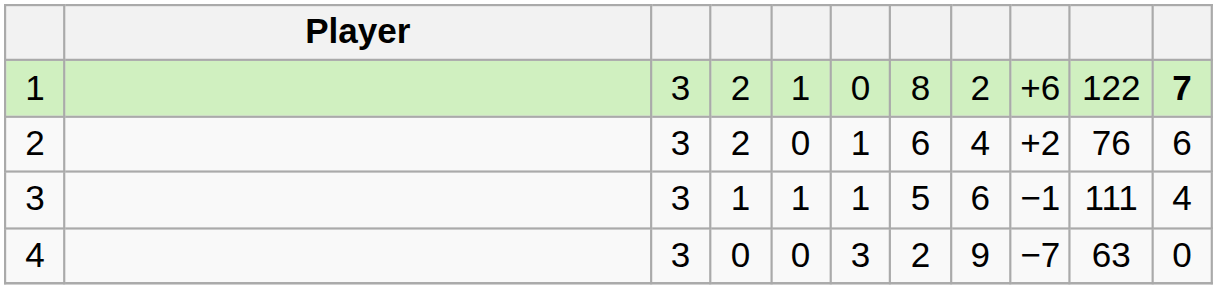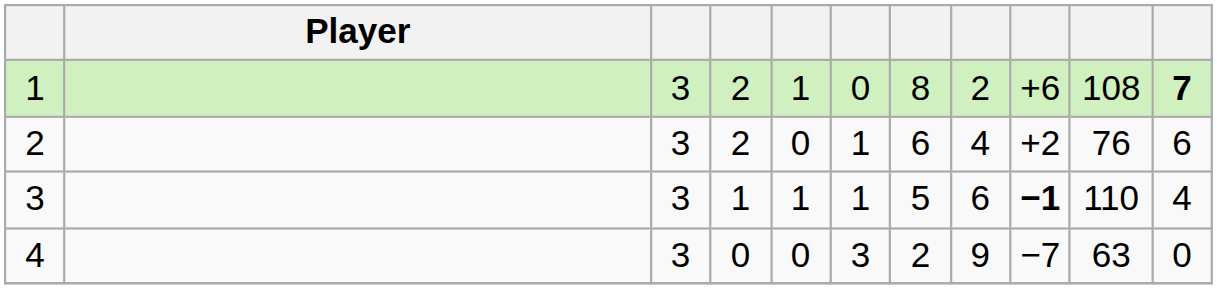 <table class="wikitable" style="text-align:center;">
 <tr>
 <th width=20></th>
 <th width=260>Player</th>
 <th width=20></th>
 <th width=20></th>
 <th width=20></th>
 <th width=20></th>
 <th width=20></th>
 <th width=20></th>
 <th width=20></th>
 <th width=30></th>
 <th width=20></th>
 </tr>
 <tr style="background:#D0F0C0;">
 <td>1</td>
 <td align=left> <small></small></td>
 <td>3</td>
 <td>2</td>
 <td>1</td>
 <td>0</td>
 <td>8</td>
 <td>2</td>
 <td>+6</td>
-<td>122</td>
+<td>108</td>
 <td><strong>7</strong></td>
 </tr>
 <tr>
 <td>2</td>
 <td align=left> <small></small></td>
 <td>3</td>
 <td>2</td>
 <td>0</td>
 <td>1</td>
 <td>6</td>
 <td>4</td>
 <td>+2</td>
 <td>76</td>
 <td>6</td>
 </tr>
 <tr>
 <td>3</td>
 <td align=left> <small></small></td>
 <td>3</td>
 <td>1</td>
 <td>1</td>
 <td>1</td>
 <td>5</td>
 <td>6</td>
-<td>−1</td>
-<td>111</td>
+<td><strong>−1</strong></td>
+<td>110</td>
 <td>4</td>
 </tr>
 <tr>
 <td>4</td>
 <td align=left> <small></small></td>
 <td>3</td>
 <td>0</td>
 <td>0</td>
 <td>3</td>
 <td>2</td>
 <td>9</td>
 <td>−7</td>
 <td>63</td>
 <td>0</td>
 </tr>
 <tr>
 </tr>
 </table>
